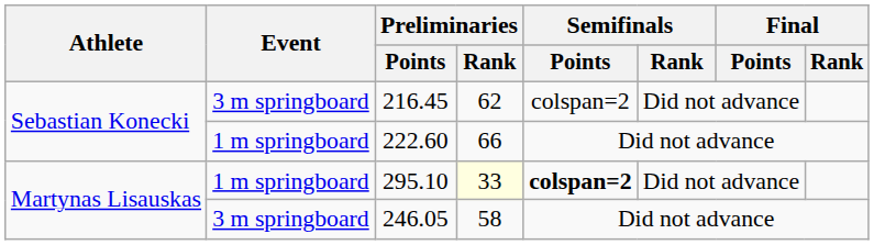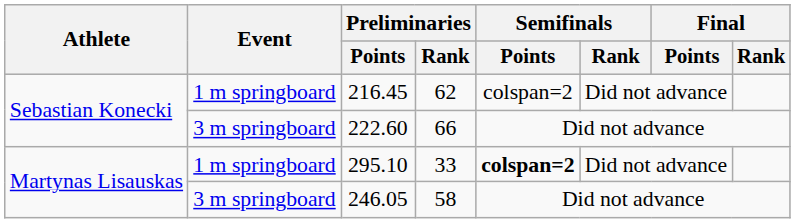 <table class="wikitable" style="text-align:center; font-size:90%; ">
 <tr>
 <th rowspan=2>Athlete</th>
 <th rowspan=2>Event</th>
 <th colspan=2>Preliminaries</th>
 <th colspan=2>Semifinals</th>
 <th colspan=2>Final</th>
 </tr>
 <tr style="font-size:95%">
 <th>Points</th>
 <th>Rank</th>
 <th>Points</th>
 <th>Rank</th>
 <th>Points</th>
 <th>Rank</th>
 </tr>
 <tr>
 <td align=left rowspan=2><a href='#'>Sebastian Konecki</a></td>
-<td align=left><a href='#'>3 m springboard</a></td>
+<td align=left><a href='#'>1 m springboard</a></td>
 <td>216.45</td>
 <td>62</td>
 <td>colspan=2 </td>
 <td colspan=2>Did not advance</td>
 </tr>
 <tr>
-<td align=left><a href='#'>1 m springboard</a></td>
+<td align=left><a href='#'>3 m springboard</a></td>
 <td>222.60</td>
 <td>66</td>
 <td colspan=4>Did not advance</td>
 </tr>
 <tr>
 <td align=left rowspan=2><a href='#'>Martynas Lisauskas</a></td>
 <td align=left><a href='#'>1 m springboard</a></td>
 <td>295.10</td>
-<td style="background: lightyellow;">33</td>
+<td>33</td>
 <td><strong>colspan=2 </strong></td>
 <td colspan=2>Did not advance</td>
 </tr>
 <tr>
 <td align=left><a href='#'>3 m springboard</a></td>
 <td>246.05</td>
 <td>58</td>
 <td colspan=4>Did not advance</td>
 </tr>
 </table>
